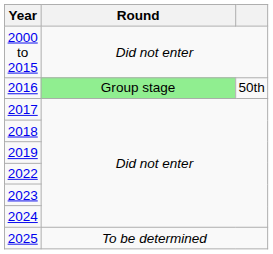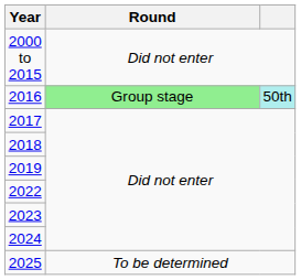 <table class="wikitable" style="text-align: center; font-size:90%">
 <tr>
 <th>Year</th>
 <th style="width:200px">Round</th>
 <th></th>
 </tr>
 <tr>
 <td><a href='#'>2000</a><br>to<br><a href='#'>2015</a></td>
 <td colspan="2"><em>Did not enter</em></td>
 </tr>
 <tr>
 <td><a href='#'>2016</a></td>
 <td style="background: lightgreen;">Group stage</td>
-<td>50th</td>
+<td style="background: paleturquoise;">50th</td>
 </tr>
 <tr>
 <td><a href='#'>2017</a></td>
 <td colspan="2" rowspan="6"><em>Did not enter</em></td>
 </tr>
 <tr>
 <td><a href='#'>2018</a></td>
 </tr>
 <tr>
 <td><a href='#'>2019</a></td>
 </tr>
 <tr>
 <td><a href='#'>2022</a></td>
 </tr>
 <tr>
 <td><a href='#'>2023</a></td>
 </tr>
 <tr>
 <td><a href='#'>2024</a></td>
 </tr>
 <tr>
 <td><a href='#'>2025</a></td>
 <td colspan="2"><em>To be determined</em></td>
 </tr>
 </table>
